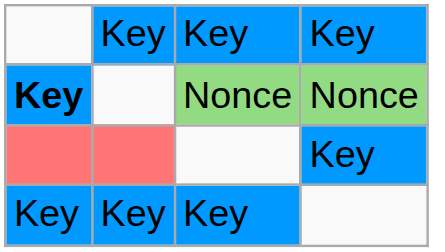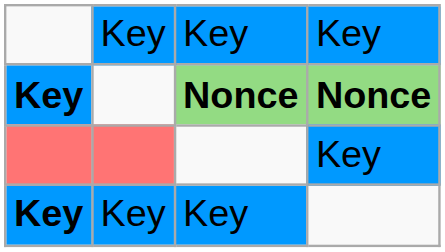 <table class="wikitable">
 <tr>
 <td></td>
 <td style="background:#0099ff">Key</td>
 <td style="background:#0099ff">Key</td>
 <td style="background:#0099ff">Key</td>
 </tr>
 <tr>
 <td style="background:#0099ff"><strong>Key</strong></td>
 <td></td>
-<td style="background:#93db83">Nonce</td>
-<td style="background:#93db83">Nonce</td>
+<td style="background:#93db83"><strong>Nonce</strong></td>
+<td style="background:#93db83"><strong>Nonce</strong></td>
 </tr>
 <tr>
 <td style="background:#ff7474"></td>
 <td style="background:#ff7474"></td>
 <td></td>
 <td style="background:#0099ff">Key</td>
 </tr>
 <tr>
-<td style="background:#0099ff">Key</td>
+<td style="background:#0099ff"><strong>Key</strong></td>
 <td style="background:#0099ff">Key</td>
 <td style="background:#0099ff">Key</td>
 <td></td>
 </tr>
 </table>
